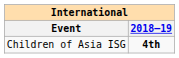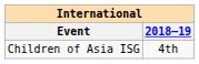 <table class="wikitable" style="text-align:center">
 <tr>
 <th style="background-color: #ffdead; " colspan=5 align=center>International</th>
 </tr>
 <tr>
 <th>Event</th>
 <th><a href='#'>2018–19</a></th>
 </tr>
 <tr>
 <td align=left>Children of Asia ISG</td>
-<td><strong>4th</strong></td>
+<td>4th</td>
 </tr>
 </table>
